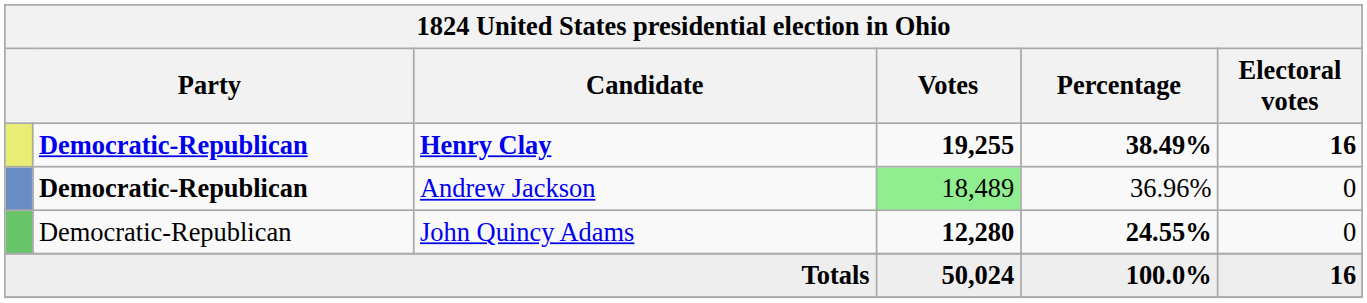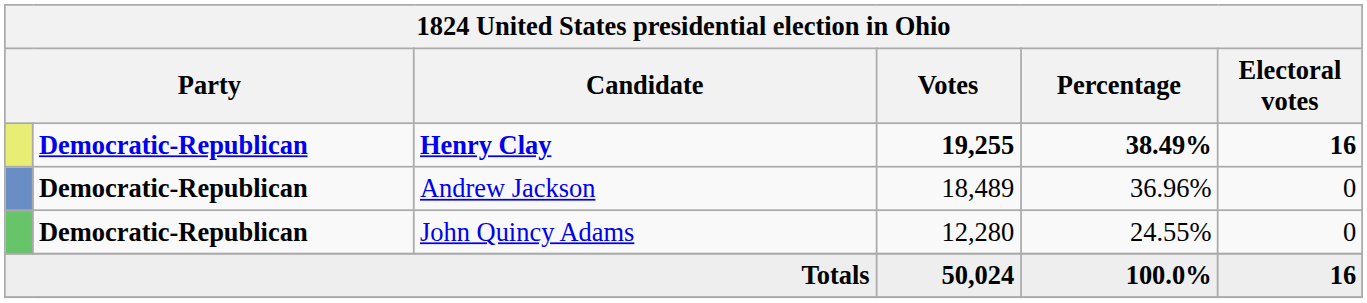 <table class="wikitable" style="font-size: 95%;">
 <tr>
 <th colspan="6">1824 United States presidential election in Ohio</th>
 </tr>
 <tr>
 <th colspan="2" style="width: 15em">Party</th>
 <th style="width: 17em">Candidate</th>
 <th style="width: 5em">Votes</th>
 <th style="width: 7em">Percentage</th>
 <th style="width: 5em">Electoral votes</th>
 </tr>
 <tr>
 <th style="background-color:#E8EE73; width: 3px"></th>
 <td style="width: 130px"><strong><a href='#'>Democratic-Republican</a></strong></td>
 <td><strong><a href='#'>Henry Clay</a></strong></td>
 <td align="right"><strong>19,255</strong></td>
 <td align="right"><strong>38.49%</strong></td>
 <td align="right"><strong>16</strong></td>
 </tr>
 <tr>
 <th style="background-color:#698DC5; width: 3px"></th>
 <td style="width: 130px"><strong>Democratic-Republican</strong></td>
 <td><a href='#'>Andrew Jackson</a></td>
-<td align="right" style="background: lightgreen;">18,489</td>
+<td align="right">18,489</td>
 <td align="right">36.96%</td>
 <td align="right">0</td>
 </tr>
 <tr>
 <th style="background-color:#68C468; width: 3px"></th>
-<td style="width: 130px">Democratic-Republican</td>
+<td style="width: 130px"><strong>Democratic-Republican</strong></td>
 <td><a href='#'>John Quincy Adams</a></td>
-<td align="right"><strong>12,280</strong></td>
-<td align="right"><strong>24.55%</strong></td>
+<td align="right">12,280</td>
+<td align="right">24.55%</td>
 <td align="right">0</td>
 </tr>
 <tr>
 </tr>
 <tr bgcolor="#EEEEEE">
 <td colspan="3" align="right"><strong>Totals</strong></td>
 <td align="right"><strong>50,024</strong></td>
 <td align="right"><strong>100.0%</strong></td>
 <td align="right"><strong>16</strong></td>
 </tr>
 <tr>
 </tr>
 </table>
